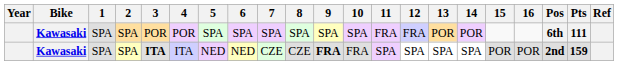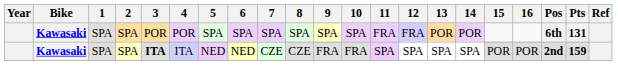 <table class="wikitable" style="text-align:center;">
 <tr>
 <th scope="col">Year</th>
 <th scope="col">Bike</th>
 <th scope="col">1</th>
 <th scope="col">2</th>
 <th scope="col">3</th>
 <th scope="col">4</th>
 <th scope="col">5</th>
 <th scope="col">6</th>
 <th scope="col">7</th>
 <th scope="col">8</th>
 <th scope="col">9</th>
 <th scope="col">10</th>
 <th scope="col">11</th>
 <th scope="col">12</th>
 <th scope="col">13</th>
 <th scope="col">14</th>
 <th scope="col">15</th>
 <th scope="col">16</th>
 <th scope="col">Pos</th>
 <th scope="col">Pts</th>
 <th scope="col">Ref</th>
 </tr>
 <tr>
 <th scope="row"></th>
 <th><a href='#'>Kawasaki</a></th>
 <td style="background:#dfdfdf;">SPA<br></td>
 <td style="background:#ffdf9f;">SPA<br></td>
 <td style="background:#ffdf9f;">POR<br></td>
 <td style="background:#efcfff;">POR<br></td>
 <td style="background:#dfffdf;">SPA<br></td>
 <td style="background:#efcfff;">SPA<br></td>
 <td style="background:#efcfff;">SPA<br></td>
 <td style="background:#dfffdf;">SPA<br></td>
 <td style="background:#ffffbf;">SPA<br></td>
 <td style="background:#efcfff;">SPA<br></td>
 <td style="background:#efcfff;">FRA<br></td>
 <td style="background:#cfcfff;">FRA<br></td>
 <td style="background:#ffdf9f;">POR<br></td>
 <td style="background:#efcfff;">POR<br></td>
 <td></td>
 <td></td>
 <th>6th</th>
-<th>111</th>
+<th>131</th>
 <th></th>
 </tr>
 <tr>
 <th scope="row"></th>
 <th><a href='#'>Kawasaki</a></th>
 <td style="background:#dfdfdf;">SPA<br></td>
 <td style="background:#ffffbf;">SPA<br></td>
 <td style="background:#dfdfdf;"><strong>ITA<br></strong></td>
 <td style="background:#cfcfff;">ITA<br></td>
 <td style="background:#efcfff;">NED<br></td>
 <td style="background:#ffffbf;">NED<br></td>
 <td style="background:#dfffdf;">CZE<br></td>
 <td style="background:#dfdfdf;">CZE<br></td>
-<td style="background:#dfdfdf;"><strong>FRA<br></strong></td>
+<td style="background:#dfdfdf;">FRA<br></td>
 <td style="background:#dfdfdf;">FRA<br></td>
 <td style="background:#efcfff;">SPA<br></td>
 <td style="background:#ffffff;">SPA<br></td>
 <td style="background:#ffffff;">SPA<br></td>
 <td style="background:#ffffff;">SPA<br></td>
 <td style="background:#dfdfdf;">POR<br></td>
 <td style="background:#dfdfdf;">POR<br></td>
 <th style="background:#dfdfdf;">2nd</th>
 <th style="background:#dfdfdf;">159</th>
 <th></th>
 </tr>
 </table>
